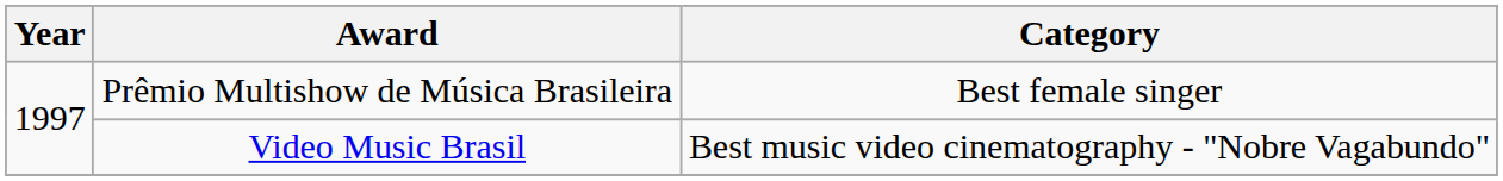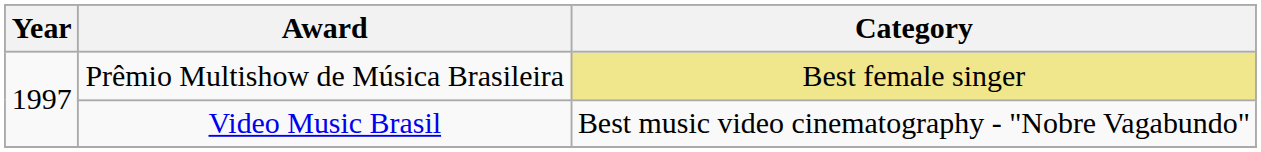 <table class="wikitable">
 <tr>
 <th align="center">Year</th>
 <th align="left">Award</th>
 <th align="left">Category</th>
 </tr>
 <tr>
 <td align="center" rowspan=2>1997</td>
 <td align="center">Prêmio Multishow de Música Brasileira</td>
-<td align="center">Best female singer</td>
+<td align="center" style="background: khaki;">Best female singer</td>
 </tr>
 <tr>
 <td align="center"><a href='#'>Video Music Brasil</a></td>
 <td align="center">Best music video cinematography - "Nobre Vagabundo"</td>
 </tr>
 <tr>
 </tr>
 </table>
